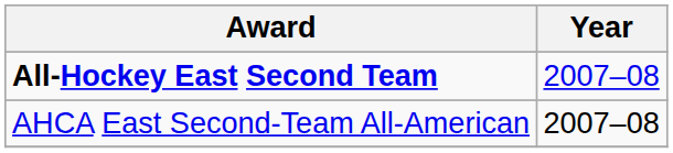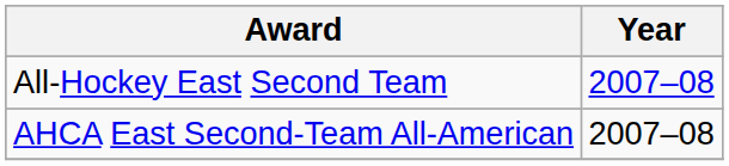 <table class="wikitable">
 <tr>
 <th>Award</th>
 <th>Year</th>
 </tr>
 <tr>
-<td><strong>All-<a href='#'>Hockey East</a> <a href='#'>Second Team</a></strong></td>
+<td>All-<a href='#'>Hockey East</a> <a href='#'>Second Team</a></td>
 <td><a href='#'>2007–08</a></td>
 </tr>
 <tr>
 <td><a href='#'>AHCA</a> <a href='#'>East Second-Team All-American</a></td>
 <td>2007–08</td>
 </tr>
 <tr>
 </tr>
 </table>
